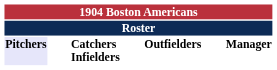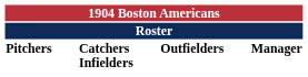 <table class="toccolours" style="text-align: left;">
 <tr>
 <th colspan="10" style="background-color: #ba313c; color: white; text-align: center;">1904 Boston Americans</th>
 </tr>
 <tr>
 <td colspan="10" style="background-color: #0d2b56; color: white; text-align: center;"><strong>Roster</strong></td>
 </tr>
 <tr>
-<td valign="top" style="background: lavender;"><strong>Pitchers</strong><br>    </td>
+<td valign="top"><strong>Pitchers</strong><br>    </td>
 <td width="25px"></td>
 <td valign="top"><strong>Catchers</strong><br>   <strong>Infielders</strong>     </td>
 <td width="25px"></td>
 <td valign="top"><strong>Outfielders</strong><br>    </td>
 <td width="25px"></td>
 <td valign="top"><strong>Manager</strong><br></td>
 </tr>
 <tr>
 </tr>
 </table>
